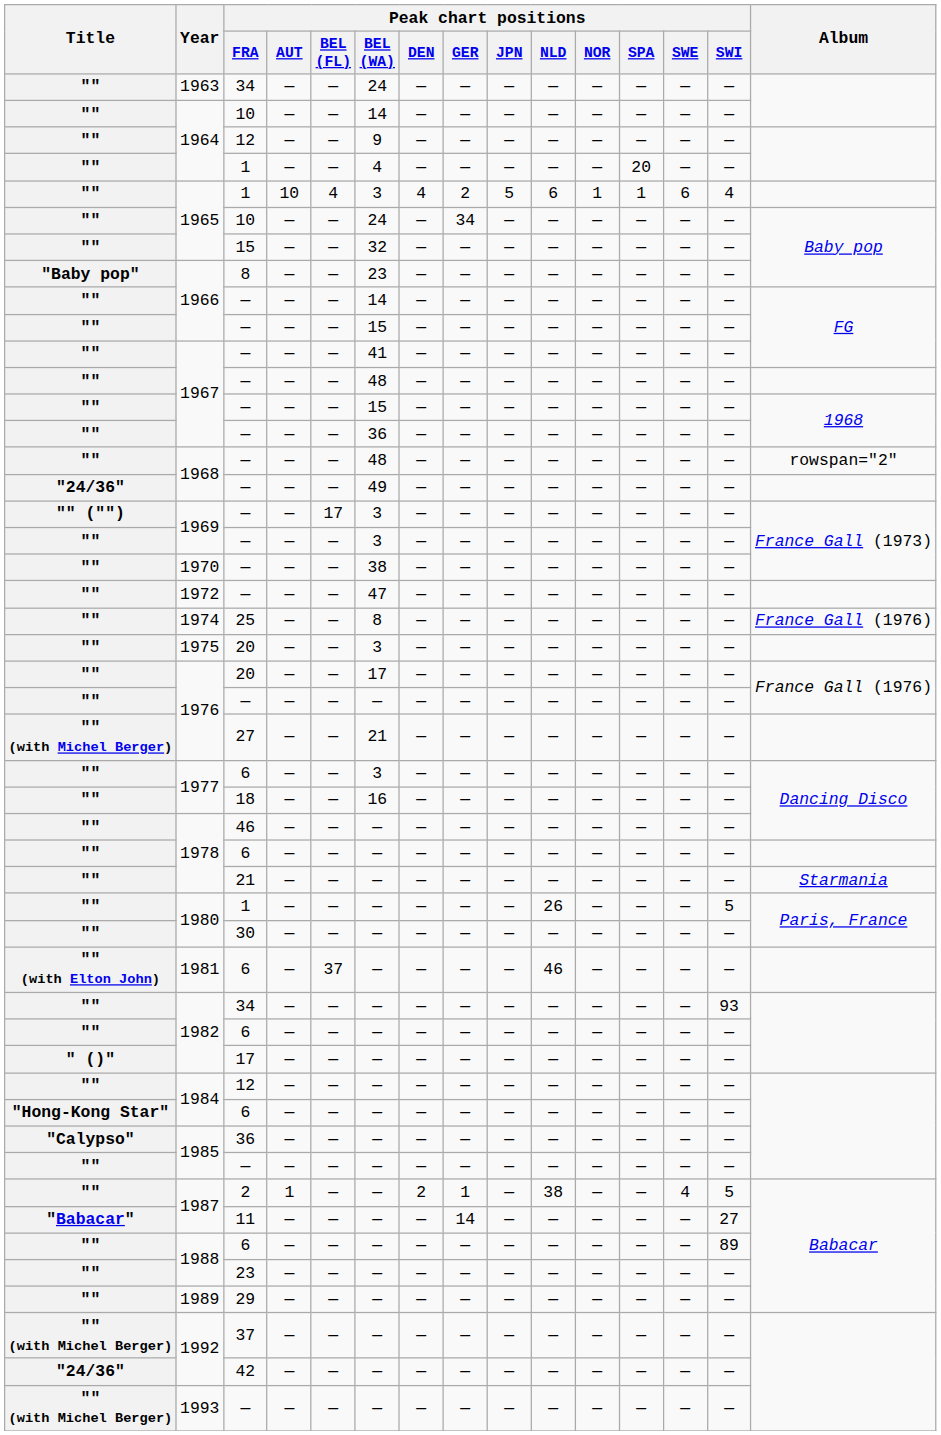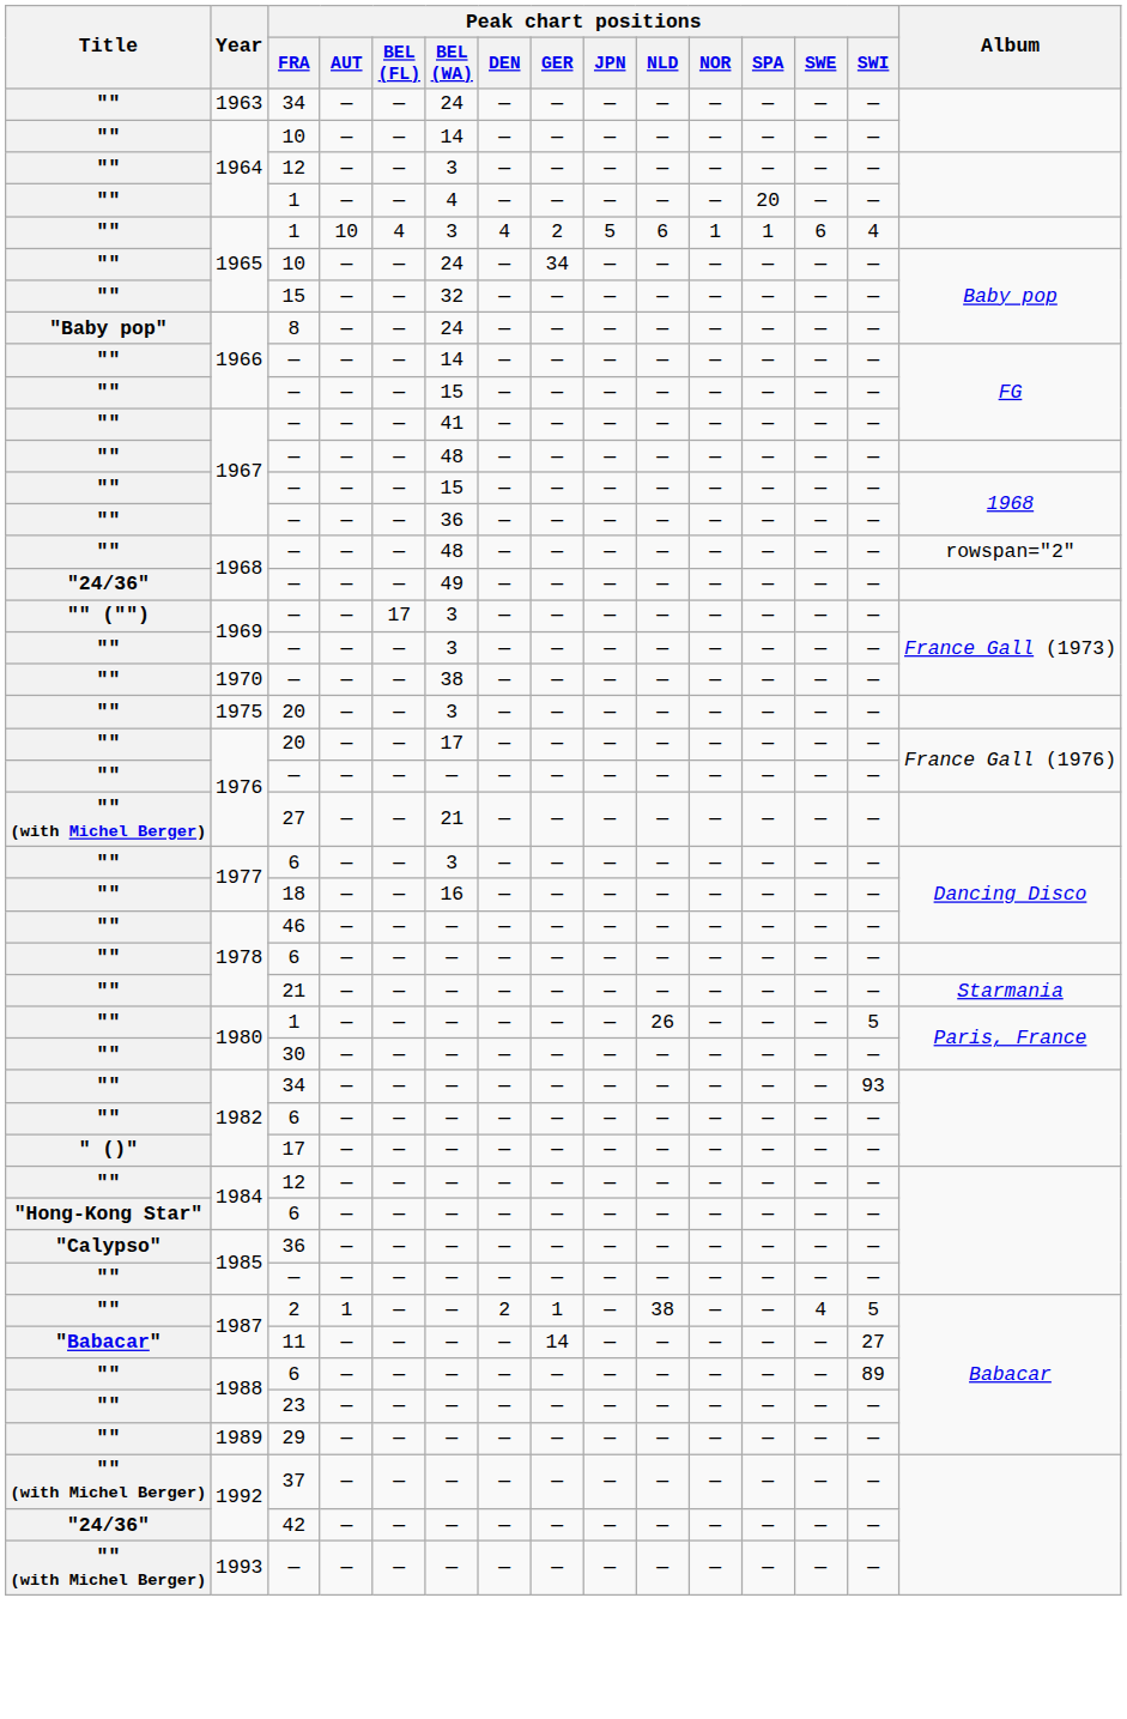 <table class="wikitable plainrowheaders" style="text-align:center;">
 <tr>
 <th scope="col" rowspan="2">Title</th>
 <th scope="col" rowspan="2">Year</th>
 <th colspan="12" scope="col">Peak chart positions</th>
 <th scope="col" rowspan="2">Album</th>
 </tr>
 <tr>
 <th scope="col" style="width:2.5em;font-size:90%;"><a href='#'>FRA</a></th>
 <th scope="col" style="width:2.5em;font-size:90%;"><a href='#'>AUT</a></th>
 <th scope="col" style="width:2.5em;font-size:90%;"><a href='#'>BEL<br>(FL)</a></th>
 <th scope="col" style="width:2.5em;font-size:90%;"><a href='#'>BEL<br>(WA)</a></th>
 <th scope="col" style="width:2.5em;font-size:90%;"><a href='#'>DEN</a></th>
 <th scope="col" style="width:2.5em;font-size:90%;"><a href='#'>GER</a></th>
 <th scope="col" style="width:2.5em;font-size:90%;"><a href='#'>JPN</a></th>
 <th scope="col" style="width:2.5em;font-size:90%;"><a href='#'>NLD</a></th>
 <th scope="col" style="width:2.5em;font-size:90%;"><a href='#'>NOR</a></th>
 <th scope="col" style="width:2.5em;font-size:90%;"><a href='#'>SPA</a></th>
 <th scope="col" style="width:2.5em;font-size:90%;"><a href='#'>SWE</a></th>
 <th scope="col" style="width:2.5em;font-size:90%;"><a href='#'>SWI</a></th>
 </tr>
 <tr>
 <th scope="row">""</th>
 <td>1963</td>
 <td>34</td>
 <td>—</td>
 <td>—</td>
 <td>24</td>
 <td>—</td>
 <td>—</td>
 <td>—</td>
 <td>—</td>
 <td>—</td>
 <td>—</td>
 <td>—</td>
 <td>—</td>
 <td rowspan="2"></td>
 </tr>
 <tr>
 <th scope="row">""</th>
 <td rowspan="3">1964</td>
 <td>10</td>
 <td>—</td>
 <td>—</td>
 <td>14</td>
 <td>—</td>
 <td>—</td>
 <td>—</td>
 <td>—</td>
 <td>—</td>
 <td>—</td>
 <td>—</td>
 <td>—</td>
 </tr>
 <tr>
 <th scope="row">""</th>
 <td>12</td>
 <td>—</td>
 <td>—</td>
-<td>9</td>
+<td>3</td>
 <td>—</td>
 <td>—</td>
 <td>—</td>
 <td>—</td>
 <td>—</td>
 <td>—</td>
 <td>—</td>
 <td>—</td>
 <td rowspan="2"></td>
 </tr>
 <tr>
 <th scope="row">""</th>
 <td>1</td>
 <td>—</td>
 <td>—</td>
 <td>4</td>
 <td>—</td>
 <td>—</td>
 <td>—</td>
 <td>—</td>
 <td>—</td>
 <td>20</td>
 <td>—</td>
 <td>—</td>
 </tr>
 <tr>
 <th scope="row">""</th>
 <td rowspan="3">1965</td>
 <td>1</td>
 <td>10</td>
 <td>4</td>
 <td>3</td>
 <td>4</td>
 <td>2</td>
 <td>5</td>
 <td>6</td>
 <td>1</td>
 <td>1</td>
 <td>6</td>
 <td>4</td>
 <td></td>
 </tr>
 <tr>
 <th scope="row">""</th>
 <td>10</td>
 <td>—</td>
 <td>—</td>
 <td>24</td>
 <td>—</td>
 <td>34</td>
 <td>—</td>
 <td>—</td>
 <td>—</td>
 <td>—</td>
 <td>—</td>
 <td>—</td>
 <td rowspan="3"><em><a href='#'>Baby pop</a></em></td>
 </tr>
 <tr>
 <th scope="row">""</th>
 <td>15</td>
 <td>—</td>
 <td>—</td>
 <td>32</td>
 <td>—</td>
 <td>—</td>
 <td>—</td>
 <td>—</td>
 <td>—</td>
 <td>—</td>
 <td>—</td>
 <td>—</td>
 </tr>
 <tr>
 <th scope="row">"Baby pop"</th>
 <td rowspan="3">1966</td>
 <td>8</td>
 <td>—</td>
 <td>—</td>
-<td>23</td>
+<td>24</td>
 <td>—</td>
 <td>—</td>
 <td>—</td>
 <td>—</td>
 <td>—</td>
 <td>—</td>
 <td>—</td>
 <td>—</td>
 </tr>
 <tr>
 <th scope="row">""</th>
 <td>—</td>
 <td>—</td>
 <td>—</td>
 <td>14</td>
 <td>—</td>
 <td>—</td>
 <td>—</td>
 <td>—</td>
 <td>—</td>
 <td>—</td>
 <td>—</td>
 <td>—</td>
 <td rowspan="3"><em><a href='#'>FG</a></em></td>
 </tr>
 <tr>
 <th scope="row">""</th>
 <td>—</td>
 <td>—</td>
 <td>—</td>
 <td>15</td>
 <td>—</td>
 <td>—</td>
 <td>—</td>
 <td>—</td>
 <td>—</td>
 <td>—</td>
 <td>—</td>
 <td>—</td>
 </tr>
 <tr>
 <th scope="row">""</th>
 <td rowspan="4">1967</td>
 <td>—</td>
 <td>—</td>
 <td>—</td>
 <td>41</td>
 <td>—</td>
 <td>—</td>
 <td>—</td>
 <td>—</td>
 <td>—</td>
 <td>—</td>
 <td>—</td>
 <td>—</td>
 </tr>
 <tr>
 <th scope="row">""</th>
 <td>—</td>
 <td>—</td>
 <td>—</td>
 <td>48</td>
 <td>—</td>
 <td>—</td>
 <td>—</td>
 <td>—</td>
 <td>—</td>
 <td>—</td>
 <td>—</td>
 <td>—</td>
 <td></td>
 </tr>
 <tr>
 <th scope="row">""</th>
 <td>—</td>
 <td>—</td>
 <td>—</td>
 <td>15</td>
 <td>—</td>
 <td>—</td>
 <td>—</td>
 <td>—</td>
 <td>—</td>
 <td>—</td>
 <td>—</td>
 <td>—</td>
 <td rowspan="2"><em><a href='#'>1968</a></em></td>
 </tr>
 <tr>
 <th scope="row">""</th>
 <td>—</td>
 <td>—</td>
 <td>—</td>
 <td>36</td>
 <td>—</td>
 <td>—</td>
 <td>—</td>
 <td>—</td>
 <td>—</td>
 <td>—</td>
 <td>—</td>
 <td>—</td>
 </tr>
 <tr>
 <th scope="row">""</th>
 <td rowspan="2">1968</td>
 <td>—</td>
 <td>—</td>
 <td>—</td>
 <td>48</td>
 <td>—</td>
 <td>—</td>
 <td>—</td>
 <td>—</td>
 <td>—</td>
 <td>—</td>
 <td>—</td>
 <td>—</td>
 <td>rowspan="2" </td>
 </tr>
 <tr>
 <th scope="row">"24/36"</th>
 <td>—</td>
 <td>—</td>
 <td>—</td>
 <td>49</td>
 <td>—</td>
 <td>—</td>
 <td>—</td>
 <td>—</td>
 <td>—</td>
 <td>—</td>
 <td>—</td>
 <td>—</td>
 </tr>
 <tr>
 <th scope="row">"" ("")</th>
 <td rowspan="2">1969</td>
 <td>—</td>
 <td>—</td>
 <td>17</td>
 <td>3</td>
 <td>—</td>
 <td>—</td>
 <td>—</td>
 <td>—</td>
 <td>—</td>
 <td>—</td>
 <td>—</td>
 <td>—</td>
 <td rowspan="3"><em><a href='#'>France Gall</a></em> (1973)</td>
 </tr>
 <tr>
 <th scope="row">""</th>
 <td>—</td>
 <td>—</td>
 <td>—</td>
 <td>3</td>
 <td>—</td>
 <td>—</td>
 <td>—</td>
 <td>—</td>
 <td>—</td>
 <td>—</td>
 <td>—</td>
 <td>—</td>
 </tr>
 <tr>
 <th scope="row">""</th>
 <td>1970</td>
 <td>—</td>
 <td>—</td>
 <td>—</td>
 <td>38</td>
 <td>—</td>
 <td>—</td>
 <td>—</td>
 <td>—</td>
 <td>—</td>
 <td>—</td>
 <td>—</td>
 <td>—</td>
 </tr>
 <tr>
 <th scope="row">""</th>
-<td>1972</td>
-<td>—</td>
-<td>—</td>
-<td>—</td>
-<td>47</td>
-<td>—</td>
-<td>—</td>
-<td>—</td>
-<td>—</td>
-<td>—</td>
-<td>—</td>
-<td>—</td>
-<td>—</td>
-<td></td>
-</tr>
-<tr>
-<th scope="row">""</th>
-<td>1974</td>
-<td>25</td>
-<td>—</td>
-<td>—</td>
-<td>8</td>
-<td>—</td>
-<td>—</td>
-<td>—</td>
-<td>—</td>
-<td>—</td>
-<td>—</td>
-<td>—</td>
-<td>—</td>
-<td><em><a href='#'>France Gall</a></em> (1976)</td>
-</tr>
-<tr>
-<th scope="row">""</th>
 <td>1975</td>
 <td>20</td>
 <td>—</td>
 <td>—</td>
 <td>3</td>
 <td>—</td>
 <td>—</td>
 <td>—</td>
 <td>—</td>
 <td>—</td>
 <td>—</td>
 <td>—</td>
 <td>—</td>
 <td></td>
 </tr>
 <tr>
 <th scope="row">""</th>
 <td rowspan="3">1976</td>
 <td>20</td>
 <td>—</td>
 <td>—</td>
 <td>17</td>
 <td>—</td>
 <td>—</td>
 <td>—</td>
 <td>—</td>
 <td>—</td>
 <td>—</td>
 <td>—</td>
 <td>—</td>
 <td rowspan="2"><em>France Gall</em> (1976)</td>
 </tr>
 <tr>
 <th scope="row">""</th>
 <td>—</td>
 <td>—</td>
 <td>—</td>
 <td>—</td>
 <td>—</td>
 <td>—</td>
 <td>—</td>
 <td>—</td>
 <td>—</td>
 <td>—</td>
 <td>—</td>
 <td>—</td>
 </tr>
 <tr>
 <th scope="row">""<br><small>(with <a href='#'>Michel Berger</a>)</small></th>
 <td>27</td>
 <td>—</td>
 <td>—</td>
 <td>21</td>
 <td>—</td>
 <td>—</td>
 <td>—</td>
 <td>—</td>
 <td>—</td>
 <td>—</td>
 <td>—</td>
 <td>—</td>
 <td></td>
 </tr>
 <tr>
 <th scope="row">""</th>
 <td rowspan="2">1977</td>
 <td>6</td>
 <td>—</td>
 <td>—</td>
 <td>3</td>
 <td>—</td>
 <td>—</td>
 <td>—</td>
 <td>—</td>
 <td>—</td>
 <td>—</td>
 <td>—</td>
 <td>—</td>
 <td rowspan="3"><em><a href='#'>Dancing Disco</a></em></td>
 </tr>
 <tr>
 <th scope="row">""</th>
 <td>18</td>
 <td>—</td>
 <td>—</td>
 <td>16</td>
 <td>—</td>
 <td>—</td>
 <td>—</td>
 <td>—</td>
 <td>—</td>
 <td>—</td>
 <td>—</td>
 <td>—</td>
 </tr>
 <tr>
 <th scope="row">""</th>
 <td rowspan="3">1978</td>
 <td>46</td>
 <td>—</td>
 <td>—</td>
 <td>—</td>
 <td>—</td>
 <td>—</td>
 <td>—</td>
 <td>—</td>
 <td>—</td>
 <td>—</td>
 <td>—</td>
 <td>—</td>
 </tr>
 <tr>
 <th scope="row">""</th>
 <td>6</td>
 <td>—</td>
 <td>—</td>
 <td>—</td>
 <td>—</td>
 <td>—</td>
 <td>—</td>
 <td>—</td>
 <td>—</td>
 <td>—</td>
 <td>—</td>
 <td>—</td>
 <td></td>
 </tr>
 <tr>
 <th scope="row">""</th>
 <td>21</td>
 <td>—</td>
 <td>—</td>
 <td>—</td>
 <td>—</td>
 <td>—</td>
 <td>—</td>
 <td>—</td>
 <td>—</td>
 <td>—</td>
 <td>—</td>
 <td>—</td>
 <td><em><a href='#'>Starmania</a></em></td>
 </tr>
 <tr>
 <th scope="row">""</th>
 <td rowspan="2">1980</td>
 <td>1</td>
 <td>—</td>
 <td>—</td>
 <td>—</td>
 <td>—</td>
 <td>—</td>
 <td>—</td>
 <td>26</td>
 <td>—</td>
 <td>—</td>
 <td>—</td>
 <td>5</td>
 <td rowspan="2"><em><a href='#'>Paris, France</a></em></td>
 </tr>
 <tr>
 <th scope="row">""</th>
 <td>30</td>
 <td>—</td>
 <td>—</td>
 <td>—</td>
 <td>—</td>
 <td>—</td>
 <td>—</td>
 <td>—</td>
 <td>—</td>
 <td>—</td>
 <td>—</td>
 <td>—</td>
-</tr>
-<tr>
-<th scope="row">""<br><small>(with <a href='#'>Elton John</a>)</small></th>
-<td>1981</td>
-<td>6</td>
-<td>—</td>
-<td>37</td>
-<td>—</td>
-<td>—</td>
-<td>—</td>
-<td>—</td>
-<td>46</td>
-<td>—</td>
-<td>—</td>
-<td>—</td>
-<td>—</td>
-<td></td>
 </tr>
 <tr>
 <th scope="row">""</th>
 <td rowspan="3">1982</td>
 <td>34</td>
 <td>—</td>
 <td>—</td>
 <td>—</td>
 <td>—</td>
 <td>—</td>
 <td>—</td>
 <td>—</td>
 <td>—</td>
 <td>—</td>
 <td>—</td>
 <td>93</td>
 <td rowspan="3"></td>
 </tr>
 <tr>
 <th scope="row">""</th>
 <td>6</td>
 <td>—</td>
 <td>—</td>
 <td>—</td>
 <td>—</td>
 <td>—</td>
 <td>—</td>
 <td>—</td>
 <td>—</td>
 <td>—</td>
 <td>—</td>
 <td>—</td>
 </tr>
 <tr>
 <th scope="row">" ()"</th>
 <td>17</td>
 <td>—</td>
 <td>—</td>
 <td>—</td>
 <td>—</td>
 <td>—</td>
 <td>—</td>
 <td>—</td>
 <td>—</td>
 <td>—</td>
 <td>—</td>
 <td>—</td>
 </tr>
 <tr>
 <th scope="row">""</th>
 <td rowspan="2">1984</td>
 <td>12</td>
 <td>—</td>
 <td>—</td>
 <td>—</td>
 <td>—</td>
 <td>—</td>
 <td>—</td>
 <td>—</td>
 <td>—</td>
 <td>—</td>
 <td>—</td>
 <td>—</td>
 <td rowspan="4"></td>
 </tr>
 <tr>
 <th scope="row">"Hong-Kong Star"</th>
 <td>6</td>
 <td>—</td>
 <td>—</td>
 <td>—</td>
 <td>—</td>
 <td>—</td>
 <td>—</td>
 <td>—</td>
 <td>—</td>
 <td>—</td>
 <td>—</td>
 <td>—</td>
 </tr>
 <tr>
 <th scope="row">"Calypso"</th>
 <td rowspan="2">1985</td>
 <td>36</td>
 <td>—</td>
 <td>—</td>
 <td>—</td>
 <td>—</td>
 <td>—</td>
 <td>—</td>
 <td>—</td>
 <td>—</td>
 <td>—</td>
 <td>—</td>
 <td>—</td>
 </tr>
 <tr>
 <th scope="row">""</th>
 <td>—</td>
 <td>—</td>
 <td>—</td>
 <td>—</td>
 <td>—</td>
 <td>—</td>
 <td>—</td>
 <td>—</td>
 <td>—</td>
 <td>—</td>
 <td>—</td>
 <td>—</td>
 </tr>
 <tr>
 <th scope="row">""</th>
 <td rowspan="2">1987</td>
 <td>2</td>
 <td>1</td>
 <td>—</td>
 <td>—</td>
 <td>2</td>
 <td>1</td>
 <td>—</td>
 <td>38</td>
 <td>—</td>
 <td>—</td>
 <td>4</td>
 <td>5</td>
 <td rowspan="5"><em><a href='#'>Babacar</a></em></td>
 </tr>
 <tr>
 <th scope="row">"<a href='#'>Babacar</a>"</th>
 <td>11</td>
 <td>—</td>
 <td>—</td>
 <td>—</td>
 <td>—</td>
 <td>14</td>
 <td>—</td>
 <td>—</td>
 <td>—</td>
 <td>—</td>
 <td>—</td>
 <td>27</td>
 </tr>
 <tr>
 <th scope="row">""</th>
 <td rowspan="2">1988</td>
 <td>6</td>
 <td>—</td>
 <td>—</td>
 <td>—</td>
 <td>—</td>
 <td>—</td>
 <td>—</td>
 <td>—</td>
 <td>—</td>
 <td>—</td>
 <td>—</td>
 <td>89</td>
 </tr>
 <tr>
 <th scope="row">""</th>
 <td>23</td>
 <td>—</td>
 <td>—</td>
 <td>—</td>
 <td>—</td>
 <td>—</td>
 <td>—</td>
 <td>—</td>
 <td>—</td>
 <td>—</td>
 <td>—</td>
 <td>—</td>
 </tr>
 <tr>
 <th scope="row">""</th>
 <td>1989</td>
 <td>29</td>
 <td>—</td>
 <td>—</td>
 <td>—</td>
 <td>—</td>
 <td>—</td>
 <td>—</td>
 <td>—</td>
 <td>—</td>
 <td>—</td>
 <td>—</td>
 <td>—</td>
 </tr>
 <tr>
 <th scope="row">""<br><small>(with Michel Berger)</small></th>
 <td rowspan="2">1992</td>
 <td>37</td>
 <td>—</td>
 <td>—</td>
 <td>—</td>
 <td>—</td>
 <td>—</td>
 <td>—</td>
 <td>—</td>
 <td>—</td>
 <td>—</td>
 <td>—</td>
 <td>—</td>
 <td rowspan="3"></td>
 </tr>
 <tr>
 <th scope="row">"24/36"</th>
 <td>42</td>
 <td>—</td>
 <td>—</td>
 <td>—</td>
 <td>—</td>
 <td>—</td>
 <td>—</td>
 <td>—</td>
 <td>—</td>
 <td>—</td>
 <td>—</td>
 <td>—</td>
 </tr>
 <tr>
 <th scope="row">""<br><small>(with Michel Berger)</small></th>
 <td>1993</td>
 <td>—</td>
 <td>—</td>
 <td>—</td>
 <td>—</td>
 <td>—</td>
 <td>—</td>
 <td>—</td>
 <td>—</td>
 <td>—</td>
 <td>—</td>
 <td>—</td>
 <td>—</td>
 </tr>
 </table>
